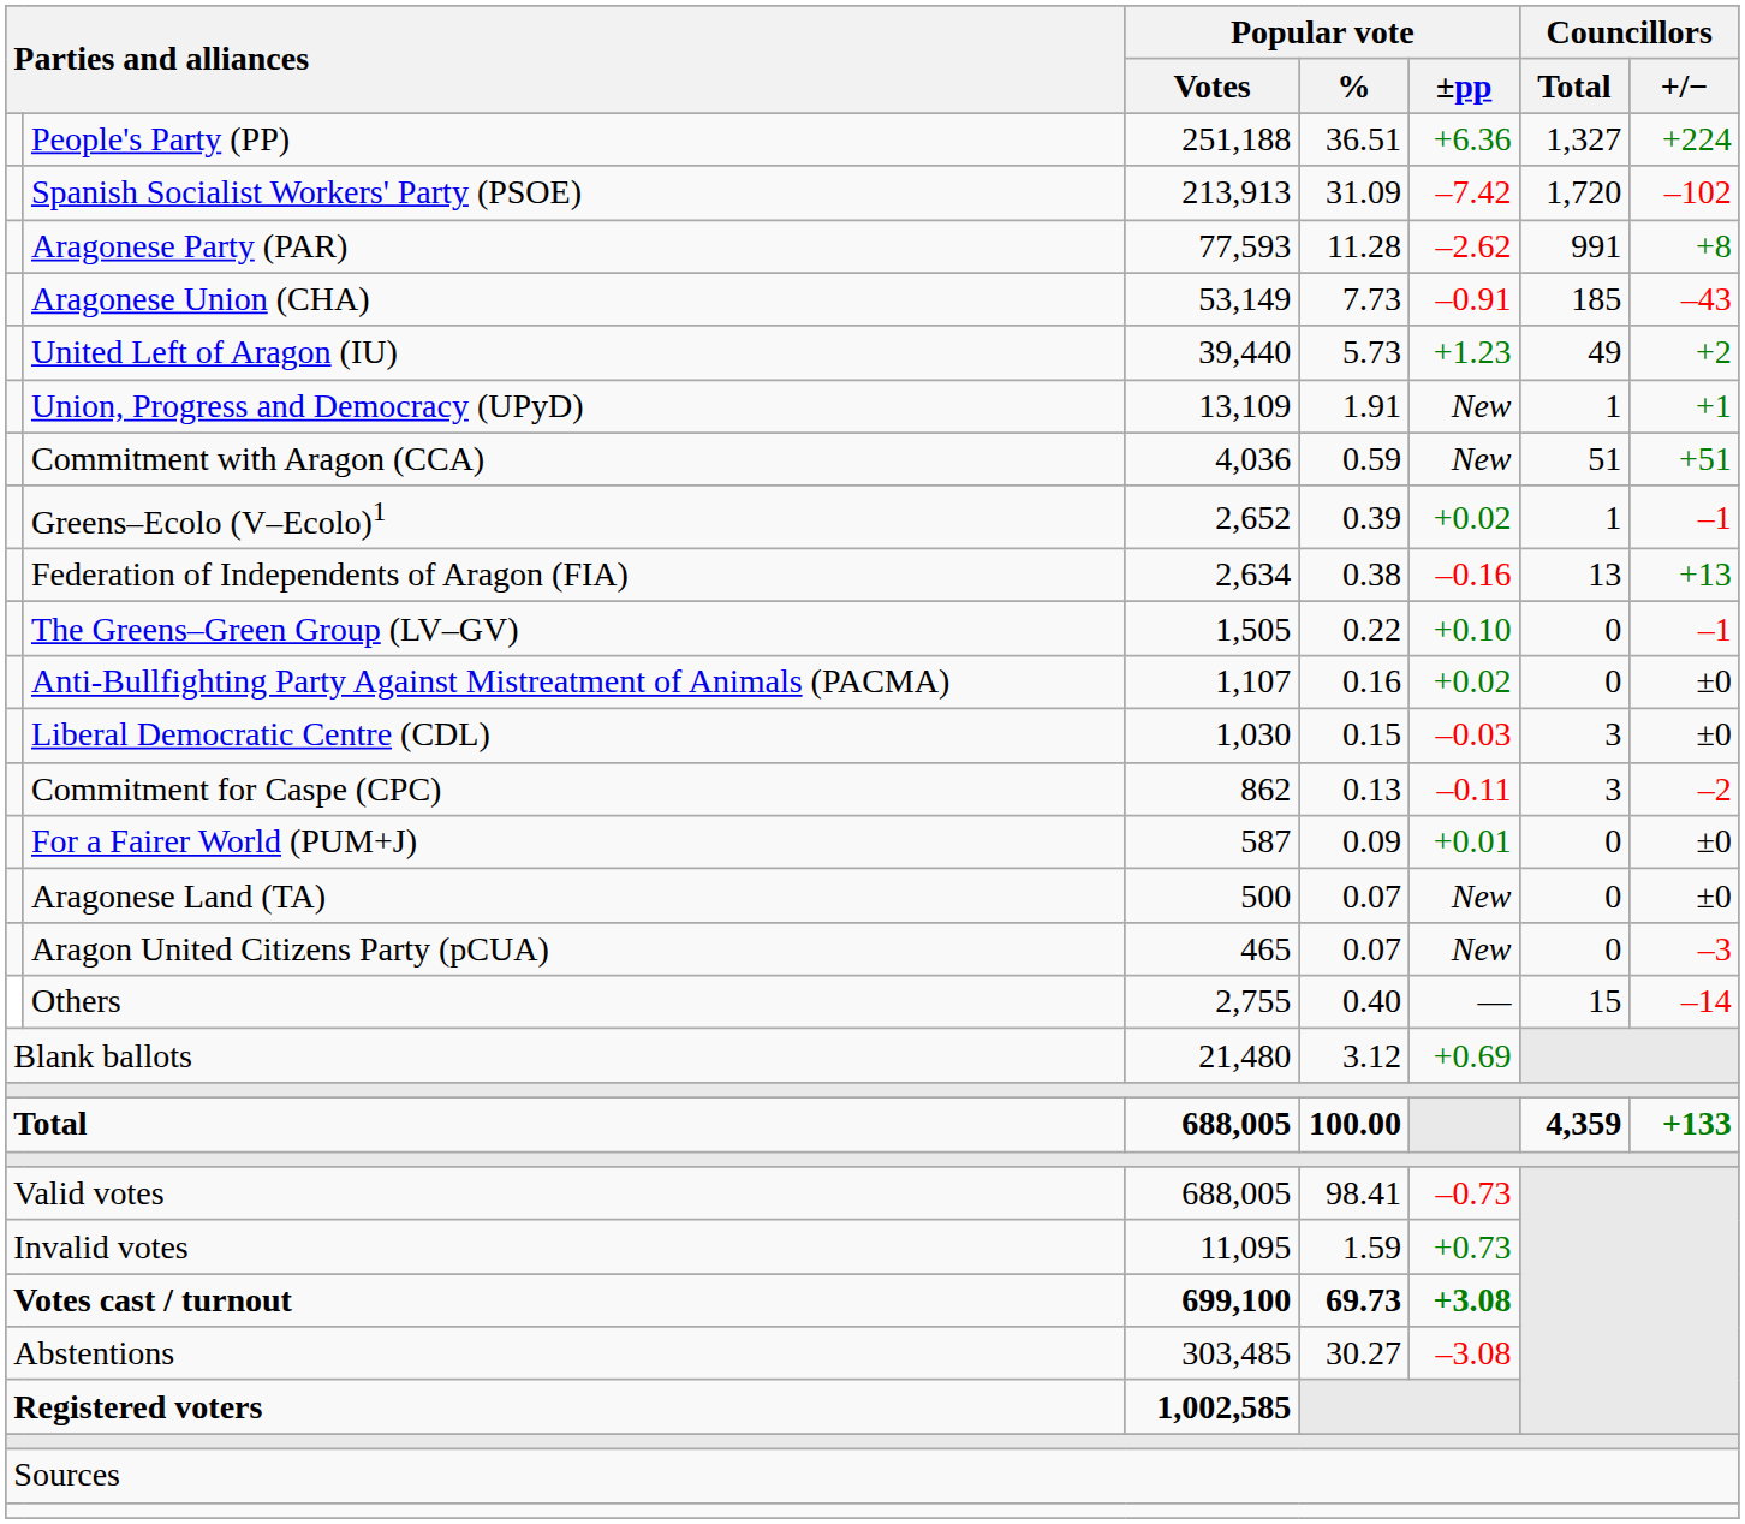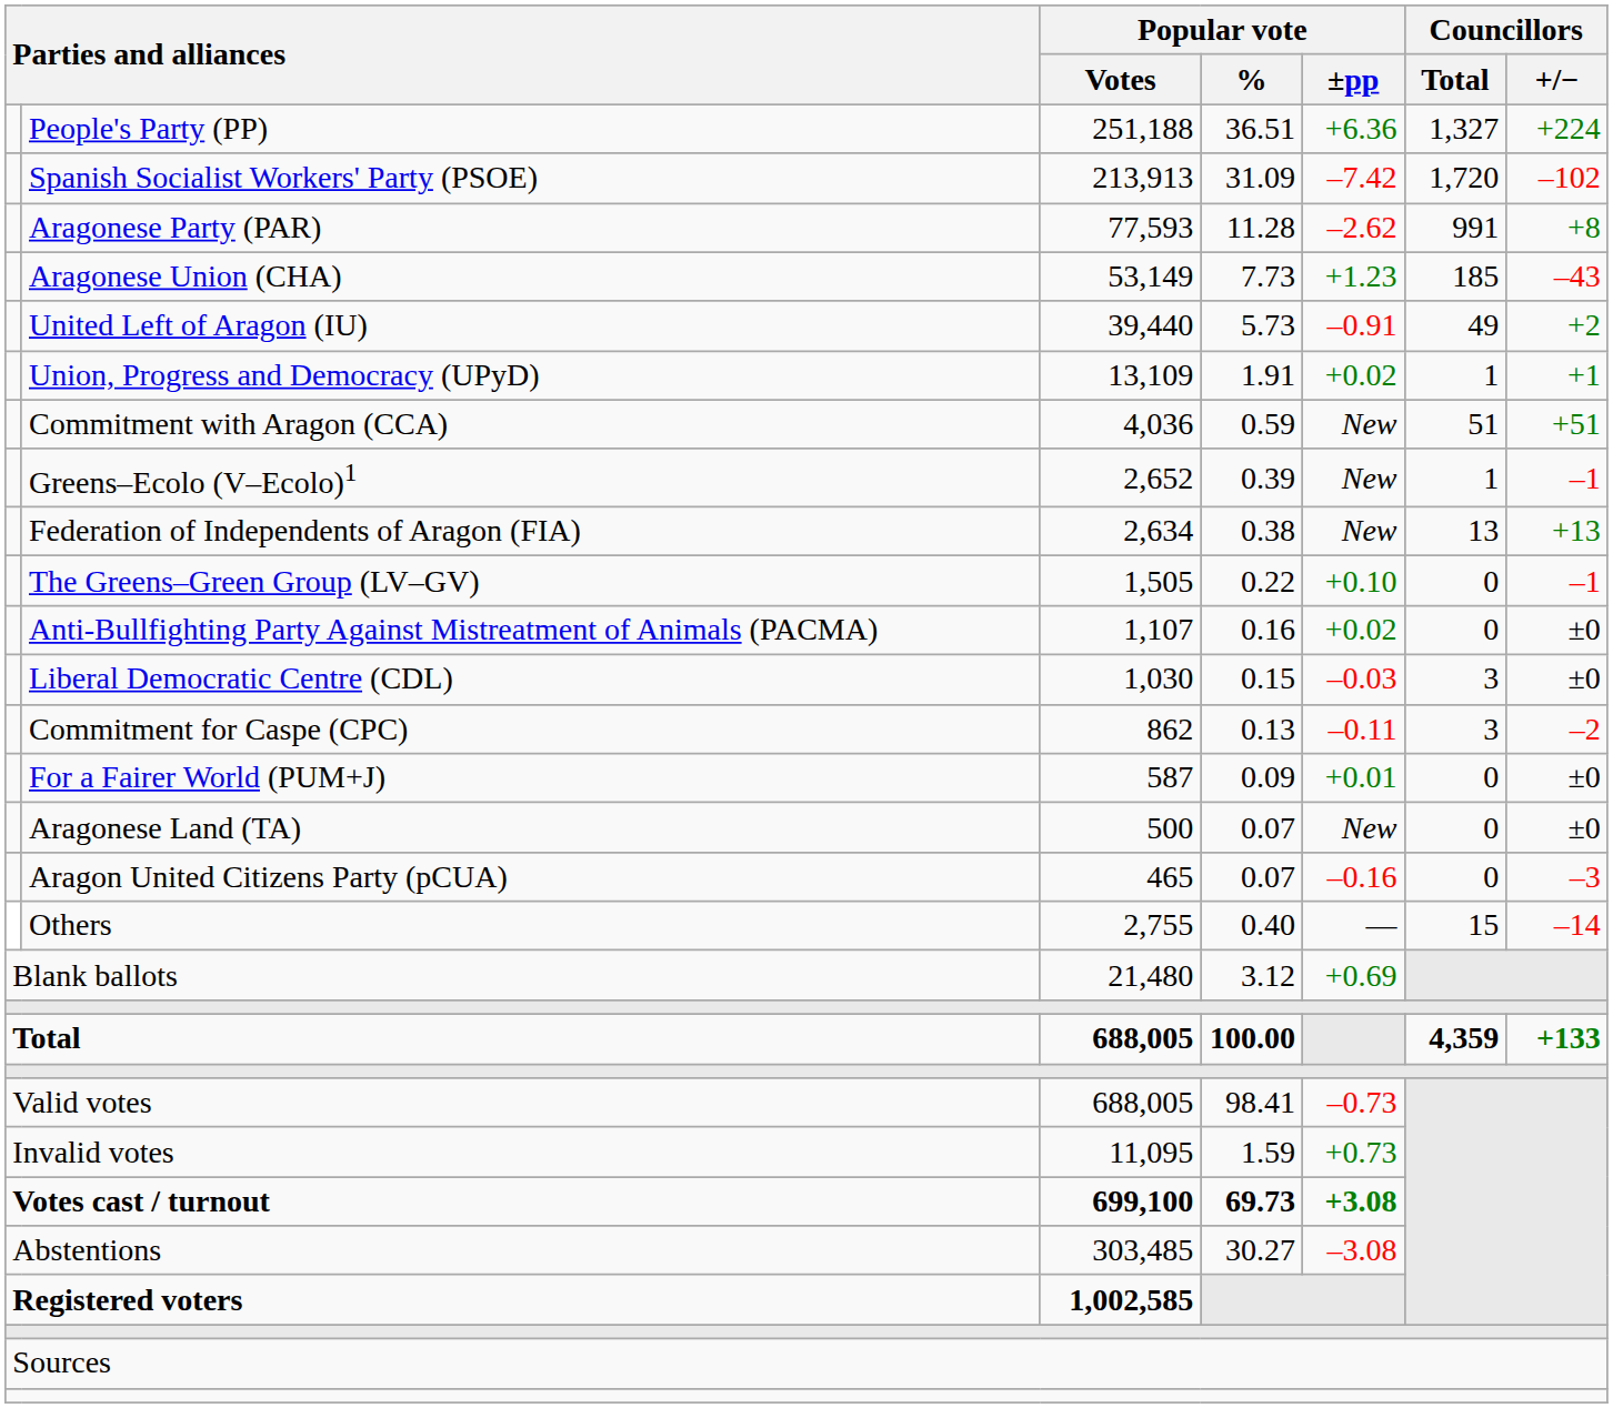 <table class="wikitable" style="text-align:right;">
 <tr>
 <th style="text-align:left;" rowspan="2" colspan="2" width="525">Parties and alliances</th>
 <th colspan="3">Popular vote</th>
 <th colspan="2">Councillors</th>
 </tr>
 <tr>
 <th width="75">Votes</th>
 <th width="45">%</th>
 <th width="45">±<a href='#'>pp</a></th>
 <th width="45">Total</th>
 <th width="45">+/−</th>
 </tr>
 <tr>
 <td width="1" style="color:inherit;background:"></td>
 <td align="left"><a href='#'>People's Party</a> (PP)</td>
 <td>251,188</td>
 <td>36.51</td>
 <td style="color:green;">+6.36</td>
 <td>1,327</td>
 <td style="color:green;">+224</td>
 </tr>
 <tr>
 <td style="color:inherit;background:"></td>
 <td align="left"><a href='#'>Spanish Socialist Workers' Party</a> (PSOE)</td>
 <td>213,913</td>
 <td>31.09</td>
 <td style="color:red;">–7.42</td>
 <td>1,720</td>
 <td style="color:red;">–102</td>
 </tr>
 <tr>
 <td style="color:inherit;background:"></td>
 <td align="left"><a href='#'>Aragonese Party</a> (PAR)</td>
 <td>77,593</td>
 <td>11.28</td>
 <td style="color:red;">–2.62</td>
 <td>991</td>
 <td style="color:green;">+8</td>
 </tr>
 <tr>
 <td style="color:inherit;background:"></td>
 <td align="left"><a href='#'>Aragonese Union</a> (CHA)</td>
 <td>53,149</td>
 <td>7.73</td>
-<td style="color:red;">–0.91</td>
+<td style="color:green;">+1.23</td>
 <td>185</td>
 <td style="color:red;">–43</td>
 </tr>
 <tr>
 <td style="color:inherit;background:"></td>
 <td align="left"><a href='#'>United Left of Aragon</a> (IU)</td>
 <td>39,440</td>
 <td>5.73</td>
-<td style="color:green;">+1.23</td>
+<td style="color:red;">–0.91</td>
 <td>49</td>
 <td style="color:green;">+2</td>
 </tr>
 <tr>
 <td style="color:inherit;background:"></td>
 <td align="left"><a href='#'>Union, Progress and Democracy</a> (UPyD)</td>
 <td>13,109</td>
 <td>1.91</td>
-<td><em>New</em></td>
+<td style="color:green;">+0.02</td>
 <td>1</td>
 <td style="color:green;">+1</td>
 </tr>
 <tr>
 <td style="color:inherit;background:"></td>
 <td align="left">Commitment with Aragon (CCA)</td>
 <td>4,036</td>
 <td>0.59</td>
 <td><em>New</em></td>
 <td>51</td>
 <td style="color:green;">+51</td>
 </tr>
 <tr>
 <td style="color:inherit;background:"></td>
 <td align="left">Greens–Ecolo (V–Ecolo)<sup>1</sup></td>
 <td>2,652</td>
 <td>0.39</td>
-<td style="color:green;">+0.02</td>
+<td><em>New</em></td>
 <td>1</td>
 <td style="color:red;">–1</td>
 </tr>
 <tr>
 <td style="color:inherit;background:"></td>
 <td align="left">Federation of Independents of Aragon (FIA)</td>
 <td>2,634</td>
 <td>0.38</td>
-<td style="color:red;">–0.16</td>
+<td><em>New</em></td>
 <td>13</td>
 <td style="color:green;">+13</td>
 </tr>
 <tr>
 <td style="color:inherit;background:"></td>
 <td align="left"><a href='#'>The Greens–Green Group</a> (LV–GV)</td>
 <td>1,505</td>
 <td>0.22</td>
 <td style="color:green;">+0.10</td>
 <td>0</td>
 <td style="color:red;">–1</td>
 </tr>
 <tr>
 <td style="color:inherit;background:"></td>
 <td align="left"><a href='#'>Anti-Bullfighting Party Against Mistreatment of Animals</a> (PACMA)</td>
 <td>1,107</td>
 <td>0.16</td>
 <td style="color:green;">+0.02</td>
 <td>0</td>
 <td>±0</td>
 </tr>
 <tr>
 <td style="color:inherit;background:"></td>
 <td align="left"><a href='#'>Liberal Democratic Centre</a> (CDL)</td>
 <td>1,030</td>
 <td>0.15</td>
 <td style="color:red;">–0.03</td>
 <td>3</td>
 <td>±0</td>
 </tr>
 <tr>
 <td style="color:inherit;background:"></td>
 <td align="left">Commitment for Caspe (CPC)</td>
 <td>862</td>
 <td>0.13</td>
 <td style="color:red;">–0.11</td>
 <td>3</td>
 <td style="color:red;">–2</td>
 </tr>
 <tr>
 <td style="color:inherit;background:"></td>
 <td align="left"><a href='#'>For a Fairer World</a> (PUM+J)</td>
 <td>587</td>
 <td>0.09</td>
 <td style="color:green;">+0.01</td>
 <td>0</td>
 <td>±0</td>
 </tr>
 <tr>
 <td style="color:inherit;background:"></td>
 <td align="left">Aragonese Land (TA)</td>
 <td>500</td>
 <td>0.07</td>
 <td><em>New</em></td>
 <td>0</td>
 <td>±0</td>
 </tr>
 <tr>
 <td style="color:inherit;background:"></td>
 <td align="left">Aragon United Citizens Party (pCUA)</td>
 <td>465</td>
 <td>0.07</td>
-<td><em>New</em></td>
+<td style="color:red;">–0.16</td>
 <td>0</td>
 <td style="color:red;">–3</td>
 </tr>
 <tr>
 <td bgcolor="white"></td>
 <td align="left">Others</td>
 <td>2,755</td>
 <td>0.40</td>
 <td>—</td>
 <td>15</td>
 <td style="color:red;">–14</td>
 </tr>
 <tr>
 <td align="left" colspan="2">Blank ballots</td>
 <td>21,480</td>
 <td>3.12</td>
 <td style="color:green;">+0.69</td>
 <td bgcolor="#E9E9E9" colspan="2"></td>
 </tr>
 <tr>
 <td colspan="7" bgcolor="#E9E9E9"></td>
 </tr>
 <tr style="font-weight:bold;">
 <td align="left" colspan="2">Total</td>
 <td>688,005</td>
 <td>100.00</td>
 <td bgcolor="#E9E9E9"></td>
 <td>4,359</td>
 <td style="color:green;">+133</td>
 </tr>
 <tr>
 <td colspan="7" bgcolor="#E9E9E9"></td>
 </tr>
 <tr>
 <td align="left" colspan="2">Valid votes</td>
 <td>688,005</td>
 <td>98.41</td>
 <td style="color:red;">–0.73</td>
 <td bgcolor="#E9E9E9" colspan="2" rowspan="5"></td>
 </tr>
 <tr>
 <td align="left" colspan="2">Invalid votes</td>
 <td>11,095</td>
 <td>1.59</td>
 <td style="color:green;">+0.73</td>
 </tr>
 <tr style="font-weight:bold;">
 <td align="left" colspan="2">Votes cast / turnout</td>
 <td>699,100</td>
 <td>69.73</td>
 <td style="color:green;">+3.08</td>
 </tr>
 <tr>
 <td align="left" colspan="2">Abstentions</td>
 <td>303,485</td>
 <td>30.27</td>
 <td style="color:red;">–3.08</td>
 </tr>
 <tr style="font-weight:bold;">
 <td align="left" colspan="2">Registered voters</td>
 <td>1,002,585</td>
 <td bgcolor="#E9E9E9" colspan="2"></td>
 </tr>
 <tr>
 <td colspan="7" bgcolor="#E9E9E9"></td>
 </tr>
 <tr>
 <td align="left" colspan="7">Sources</td>
 </tr>
 <tr>
 <td colspan="7" style="text-align:left; max-width:790px;"></td>
 </tr>
 </table>
